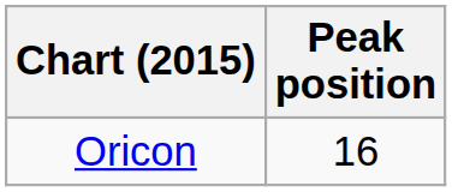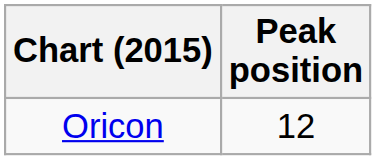 <table class="wikitable plainrowheaders" style="text-align:center">
 <tr>
 <th scope="col">Chart (2015)</th>
 <th scope="col">Peak<br>position</th>
 </tr>
 <tr>
 <td><a href='#'>Oricon</a></td>
-<td align="center">16</td>
+<td align="center">12</td>
 </tr>
 </table>
